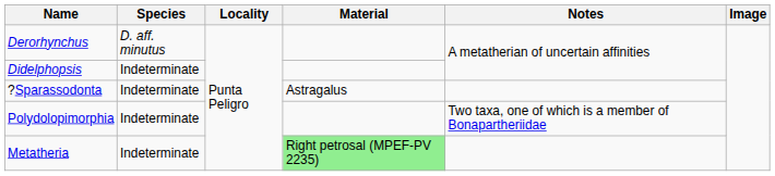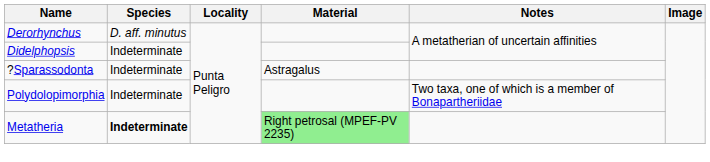 <table class="wikitable" align="center" width="75%">
 <tr>
 <th>Name</th>
 <th>Species</th>
 <th>Locality</th>
 <th>Material</th>
 <th>Notes</th>
 <th>Image</th>
 </tr>
 <tr>
 <td><em><a href='#'>Derorhynchus</a></em></td>
 <td><em>D. aff. minutus</em></td>
 <td rowspan="5">Punta Peligro</td>
 <td></td>
 <td rowspan="2">A metatherian of uncertain affinities</td>
 </tr>
 <tr>
 <td><em><a href='#'>Didelphopsis</a></em></td>
 <td>Indeterminate</td>
 <td></td>
 </tr>
 <tr>
 <td>?<a href='#'>Sparassodonta</a></td>
 <td>Indeterminate</td>
 <td>Astragalus</td>
 <td></td>
 </tr>
 <tr>
 <td><a href='#'>Polydolopimorphia</a></td>
 <td>Indeterminate</td>
 <td></td>
 <td>Two taxa, one of which is a member of <a href='#'>Bonapartheriidae</a></td>
 </tr>
 <tr>
 <td><a href='#'>Metatheria</a></td>
-<td>Indeterminate</td>
+<td><strong>Indeterminate</strong></td>
 <td style="background: lightgreen;">Right petrosal (MPEF-PV 2235)</td>
 <td></td>
 </tr>
 </table>
